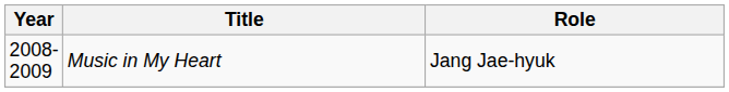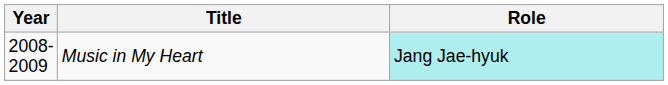 <table class="wikitable" style="width:600px">
 <tr>
 <th width=10>Year</th>
 <th>Title</th>
 <th>Role</th>
 </tr>
 <tr>
 <td>2008-2009</td>
 <td><em>Music in My Heart</em></td>
-<td>Jang Jae-hyuk</td>
+<td style="background: paleturquoise;">Jang Jae-hyuk</td>
 </tr>
 <tr>
 </tr>
 </table>
